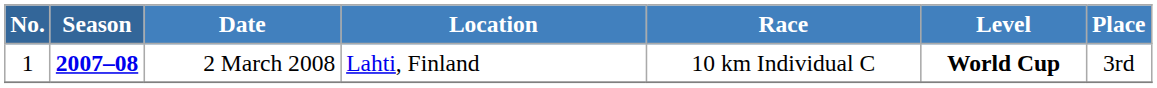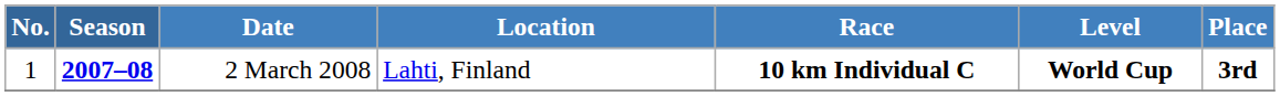 <table class="wikitable sortable" style="font-size:95%; text-align:center; border:grey solid 1px; border-collapse:collapse; background:#ffffff;">
 <tr style="background:#efefef;">
 <th style="background-color:#369; color:white;">No.</th>
 <th style="background-color:#369; color:white;">Season</th>
 <th style="background-color:#4180be; color:white; width:120px;">Date</th>
 <th style="background-color:#4180be; color:white; width:190px;">Location</th>
 <th style="background-color:#4180be; color:white; width:170px;">Race</th>
 <th style="background-color:#4180be; color:white; width:100px;">Level</th>
 <th style="background-color:#4180be; color:white;">Place</th>
 </tr>
 <tr>
 <td align=center>1</td>
 <td rowspan=1 align=center><strong><a href='#'>2007–08</a></strong></td>
 <td align=right>2 March 2008</td>
 <td align=left> <a href='#'>Lahti</a>, Finland</td>
-<td>10 km Individual C</td>
+<td><strong>10 km Individual C</strong></td>
 <td><strong>World Cup</strong></td>
-<td>3rd</td>
+<td><strong>3rd</strong></td>
 </tr>
 <tr>
 </tr>
 </table>
